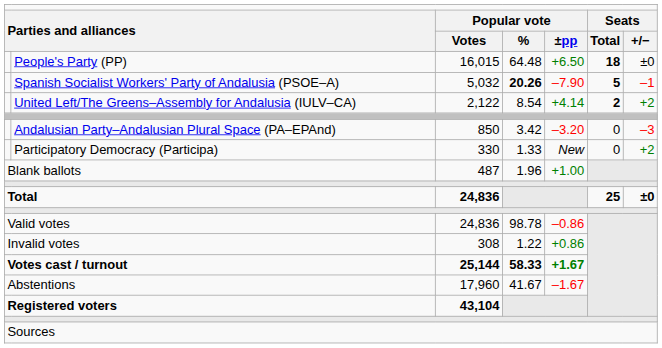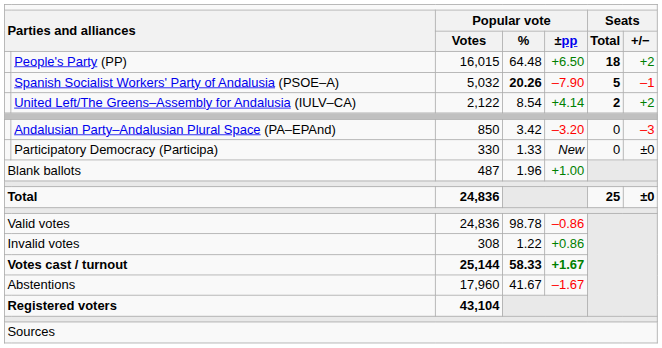 <table class="wikitable" style="text-align:right;">
 <tr>
 <td colspan="7"></td>
 </tr>
 <tr>
 <th style="text-align:left;" rowspan="2" colspan="2" width="525">Parties and alliances</th>
 <th colspan="3">Popular vote</th>
 <th colspan="2">Seats</th>
 </tr>
 <tr>
 <th width="75">Votes</th>
 <th width="45">%</th>
 <th width="45">±<a href='#'>pp</a></th>
 <th width="35">Total</th>
 <th width="35">+/−</th>
 </tr>
 <tr>
 <td width="1" style="color:inherit;background:"></td>
 <td align="left"><a href='#'>People's Party</a> (PP)</td>
 <td>16,015</td>
 <td>64.48</td>
 <td style="color:green;">+6.50</td>
 <td><strong>18</strong></td>
-<td>±0</td>
+<td style="color:green;">+2</td>
 </tr>
 <tr>
 <td style="color:inherit;background:"></td>
 <td align="left"><a href='#'>Spanish Socialist Workers' Party of Andalusia</a> (PSOE–A)</td>
 <td>5,032</td>
 <td><strong>20.26</strong></td>
 <td style="color:red;">–7.90</td>
 <td><strong>5</strong></td>
 <td style="color:red;">–1</td>
 </tr>
 <tr>
 <td style="color:inherit;background:"></td>
 <td align="left"><a href='#'>United Left/The Greens–Assembly for Andalusia</a> (IULV–CA)</td>
 <td>2,122</td>
 <td>8.54</td>
 <td style="color:green;">+4.14</td>
 <td><strong>2</strong></td>
 <td style="color:green;">+2</td>
 </tr>
 <tr>
 <td colspan="7" bgcolor="#C0C0C0"></td>
 </tr>
 <tr>
 <td style="color:inherit;background:"></td>
 <td align="left"><a href='#'>Andalusian Party–Andalusian Plural Space</a> (PA–EPAnd)</td>
 <td>850</td>
 <td>3.42</td>
 <td style="color:red;">–3.20</td>
 <td>0</td>
 <td style="color:red;">–3</td>
 </tr>
 <tr>
 <td style="color:inherit;background:"></td>
 <td align="left">Participatory Democracy (Participa)</td>
 <td>330</td>
 <td>1.33</td>
 <td><em>New</em></td>
 <td>0</td>
-<td style="color:green;">+2</td>
+<td>±0</td>
 </tr>
 <tr>
 <td align="left" colspan="2">Blank ballots</td>
 <td>487</td>
 <td>1.96</td>
 <td style="color:green;">+1.00</td>
 <td bgcolor="#E9E9E9" colspan="2"></td>
 </tr>
 <tr>
 <td colspan="7" bgcolor="#E9E9E9"></td>
 </tr>
 <tr style="font-weight:bold;">
 <td align="left" colspan="2">Total</td>
 <td>24,836</td>
 <td bgcolor="#E9E9E9" colspan="2"></td>
 <td>25</td>
 <td>±0</td>
 </tr>
 <tr>
 <td colspan="7" bgcolor="#E9E9E9"></td>
 </tr>
 <tr>
 <td align="left" colspan="2">Valid votes</td>
 <td>24,836</td>
 <td>98.78</td>
 <td style="color:red;">–0.86</td>
 <td bgcolor="#E9E9E9" colspan="2" rowspan="5"></td>
 </tr>
 <tr>
 <td align="left" colspan="2">Invalid votes</td>
 <td>308</td>
 <td>1.22</td>
 <td style="color:green;">+0.86</td>
 </tr>
 <tr style="font-weight:bold;">
 <td align="left" colspan="2">Votes cast / turnout</td>
 <td>25,144</td>
 <td>58.33</td>
 <td style="color:green;">+1.67</td>
 </tr>
 <tr>
 <td align="left" colspan="2">Abstentions</td>
 <td>17,960</td>
 <td>41.67</td>
 <td style="color:red;">–1.67</td>
 </tr>
 <tr style="font-weight:bold;">
 <td align="left" colspan="2">Registered voters</td>
 <td>43,104</td>
 <td bgcolor="#E9E9E9" colspan="2"></td>
 </tr>
 <tr>
 <td colspan="7" bgcolor="#E9E9E9"></td>
 </tr>
 <tr>
 <td align="left" colspan="7">Sources</td>
 </tr>
 </table>
